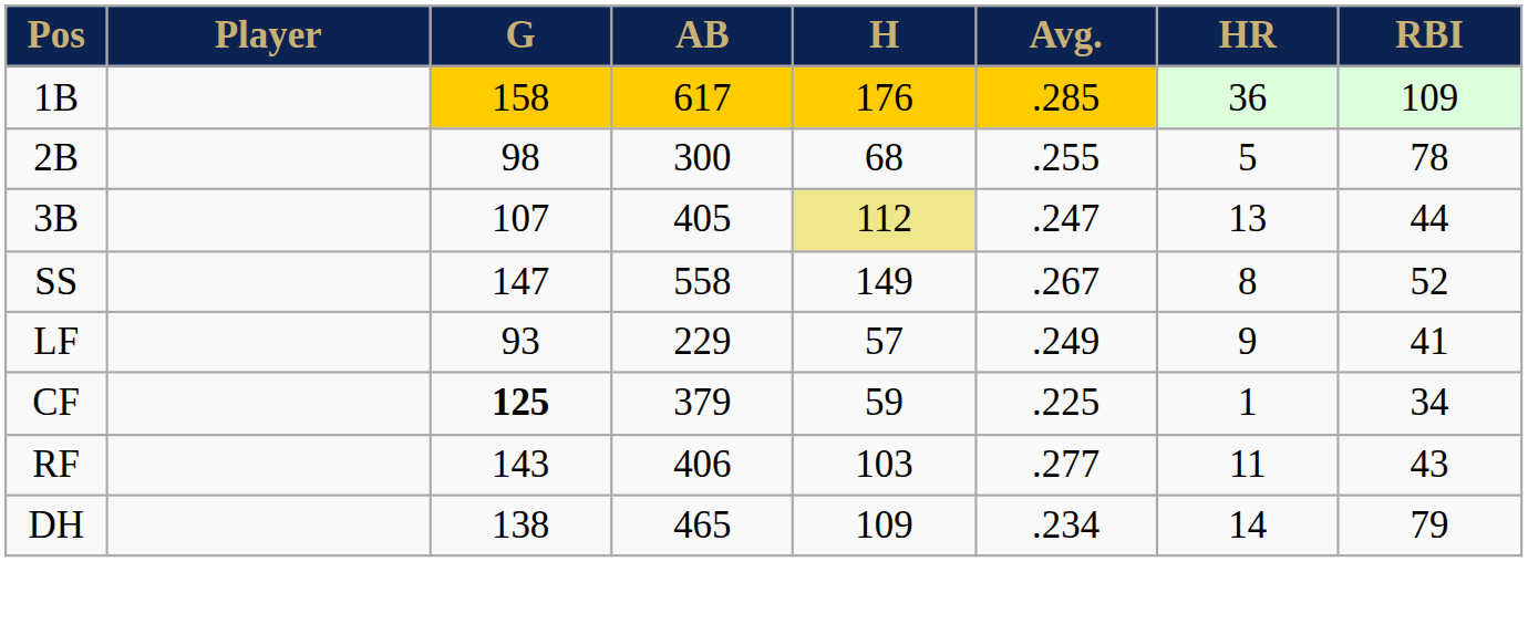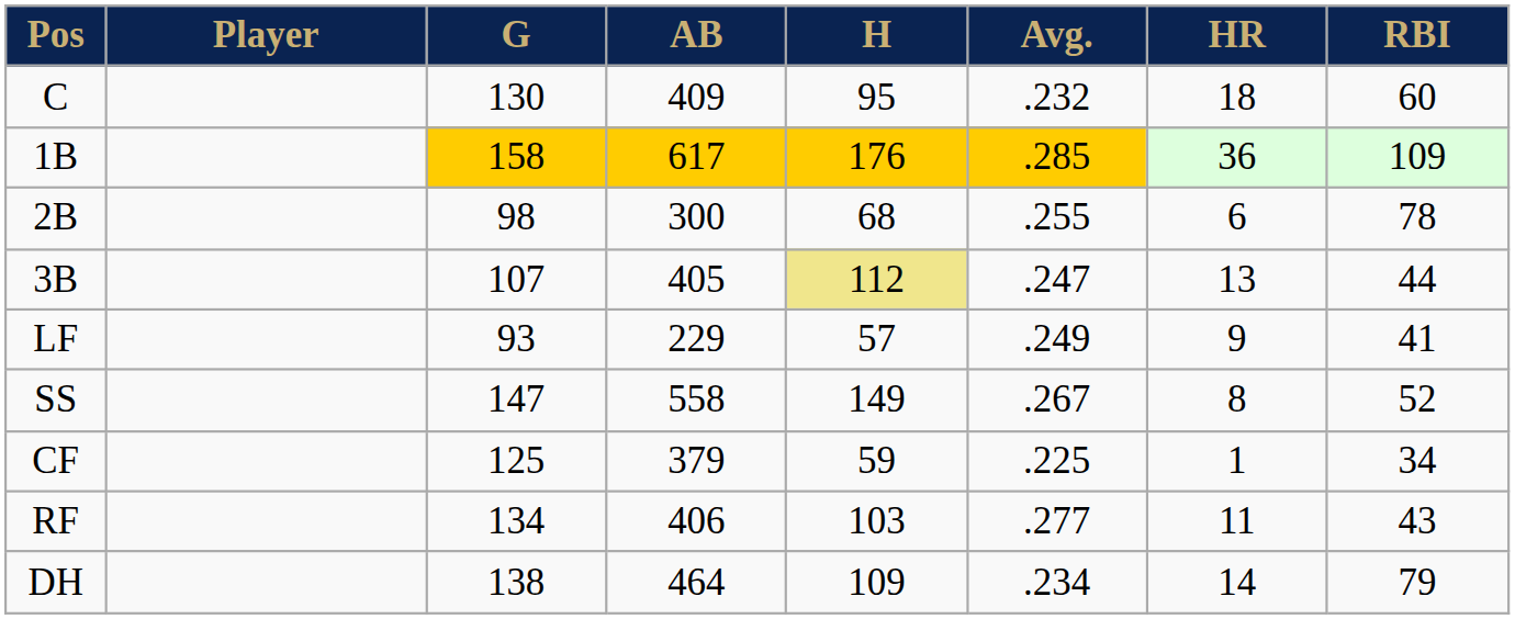 <table class="wikitable sortable">
 <tr>
 <th style="background:#0a2351;color:#c9b074;" width="5%">Pos</th>
 <th style="background:#0a2351;color:#c9b074;" width="16%">Player</th>
 <th style="background:#0a2351;color:#c9b074;" width="9%">G</th>
 <th style="background:#0a2351;color:#c9b074;" width="9%">AB</th>
 <th style="background:#0a2351;color:#c9b074;" width="9%">H</th>
 <th style="background:#0a2351;color:#c9b074;" width="9%">Avg.</th>
 <th style="background:#0a2351;color:#c9b074;" width="9%">HR</th>
 <th style="background:#0a2351;color:#c9b074;" width="9%">RBI</th>
+</tr>
+<tr align="center">
+<td>C</td>
+<td></td>
+<td>130</td>
+<td>409</td>
+<td>95</td>
+<td>.232</td>
+<td>18</td>
+<td>60</td>
 </tr>
 <tr align="center">
 <td>1B</td>
 <td></td>
 <td style="background:#fc0;">158</td>
 <td style="background:#fc0;">617</td>
 <td style="background:#fc0;">176</td>
 <td style="background:#fc0;">.285</td>
 <td style="background:#DDFFDD;">36</td>
 <td style="background:#DDFFDD;">109</td>
 </tr>
 <tr align="center">
 <td>2B</td>
 <td></td>
 <td>98</td>
 <td>300</td>
 <td>68</td>
 <td>.255</td>
-<td>5</td>
+<td>6</td>
 <td>78</td>
 </tr>
 <tr align="center">
 <td>3B</td>
 <td></td>
 <td>107</td>
 <td>405</td>
 <td style="background: khaki;">112</td>
 <td>.247</td>
 <td>13</td>
 <td>44</td>
 </tr>
 <tr align="center">
+<td>LF</td>
+<td></td>
+<td>93</td>
+<td>229</td>
+<td>57</td>
+<td>.249</td>
+<td>9</td>
+<td>41</td>
+</tr>
+<tr align="center">
 <td>SS</td>
 <td></td>
 <td>147</td>
 <td>558</td>
 <td>149</td>
 <td>.267</td>
 <td>8</td>
 <td>52</td>
 </tr>
 <tr align="center">
-<td>LF</td>
-<td></td>
-<td>93</td>
-<td>229</td>
-<td>57</td>
-<td>.249</td>
-<td>9</td>
-<td>41</td>
-</tr>
-<tr align="center">
 <td>CF</td>
 <td></td>
-<td><strong>125</strong></td>
+<td>125</td>
 <td>379</td>
 <td>59</td>
 <td>.225</td>
 <td>1</td>
 <td>34</td>
 </tr>
 <tr align="center">
 <td>RF</td>
 <td></td>
-<td>143</td>
+<td>134</td>
 <td>406</td>
 <td>103</td>
 <td>.277</td>
 <td>11</td>
 <td>43</td>
 </tr>
 <tr align="center">
 <td>DH</td>
 <td></td>
 <td>138</td>
-<td>465</td>
+<td>464</td>
 <td>109</td>
 <td>.234</td>
 <td>14</td>
 <td>79</td>
 </tr>
 </table>
